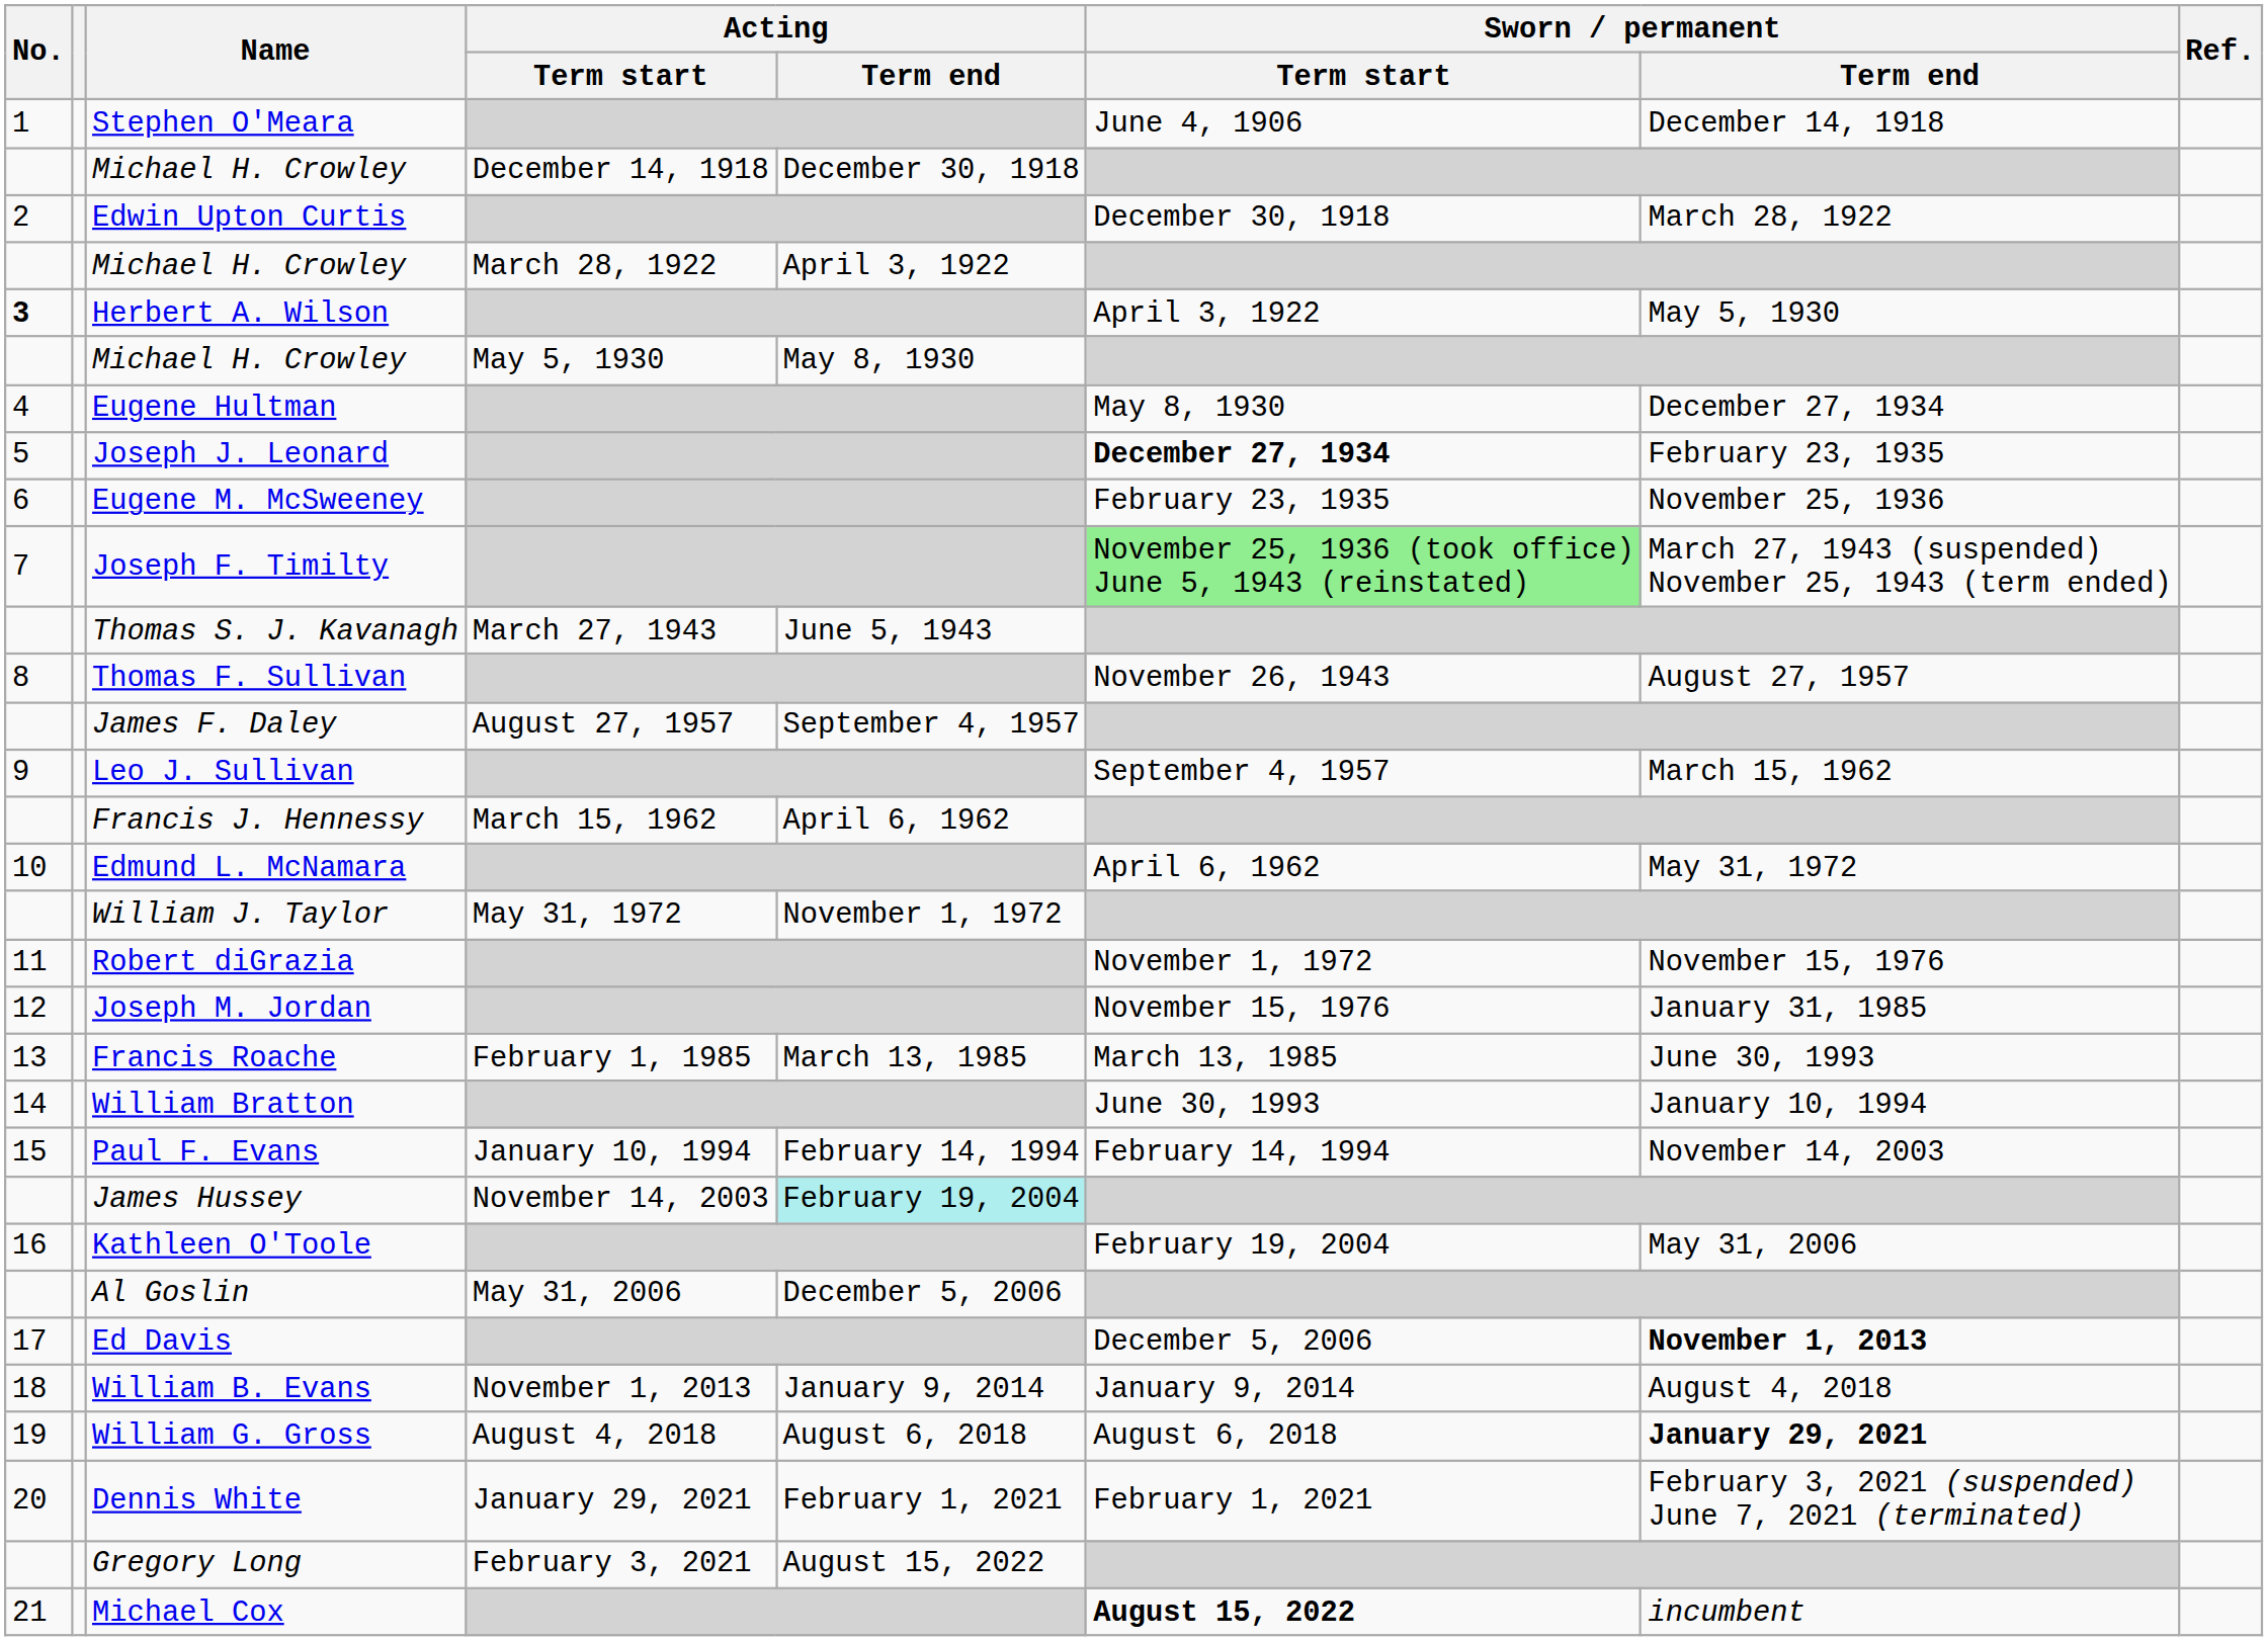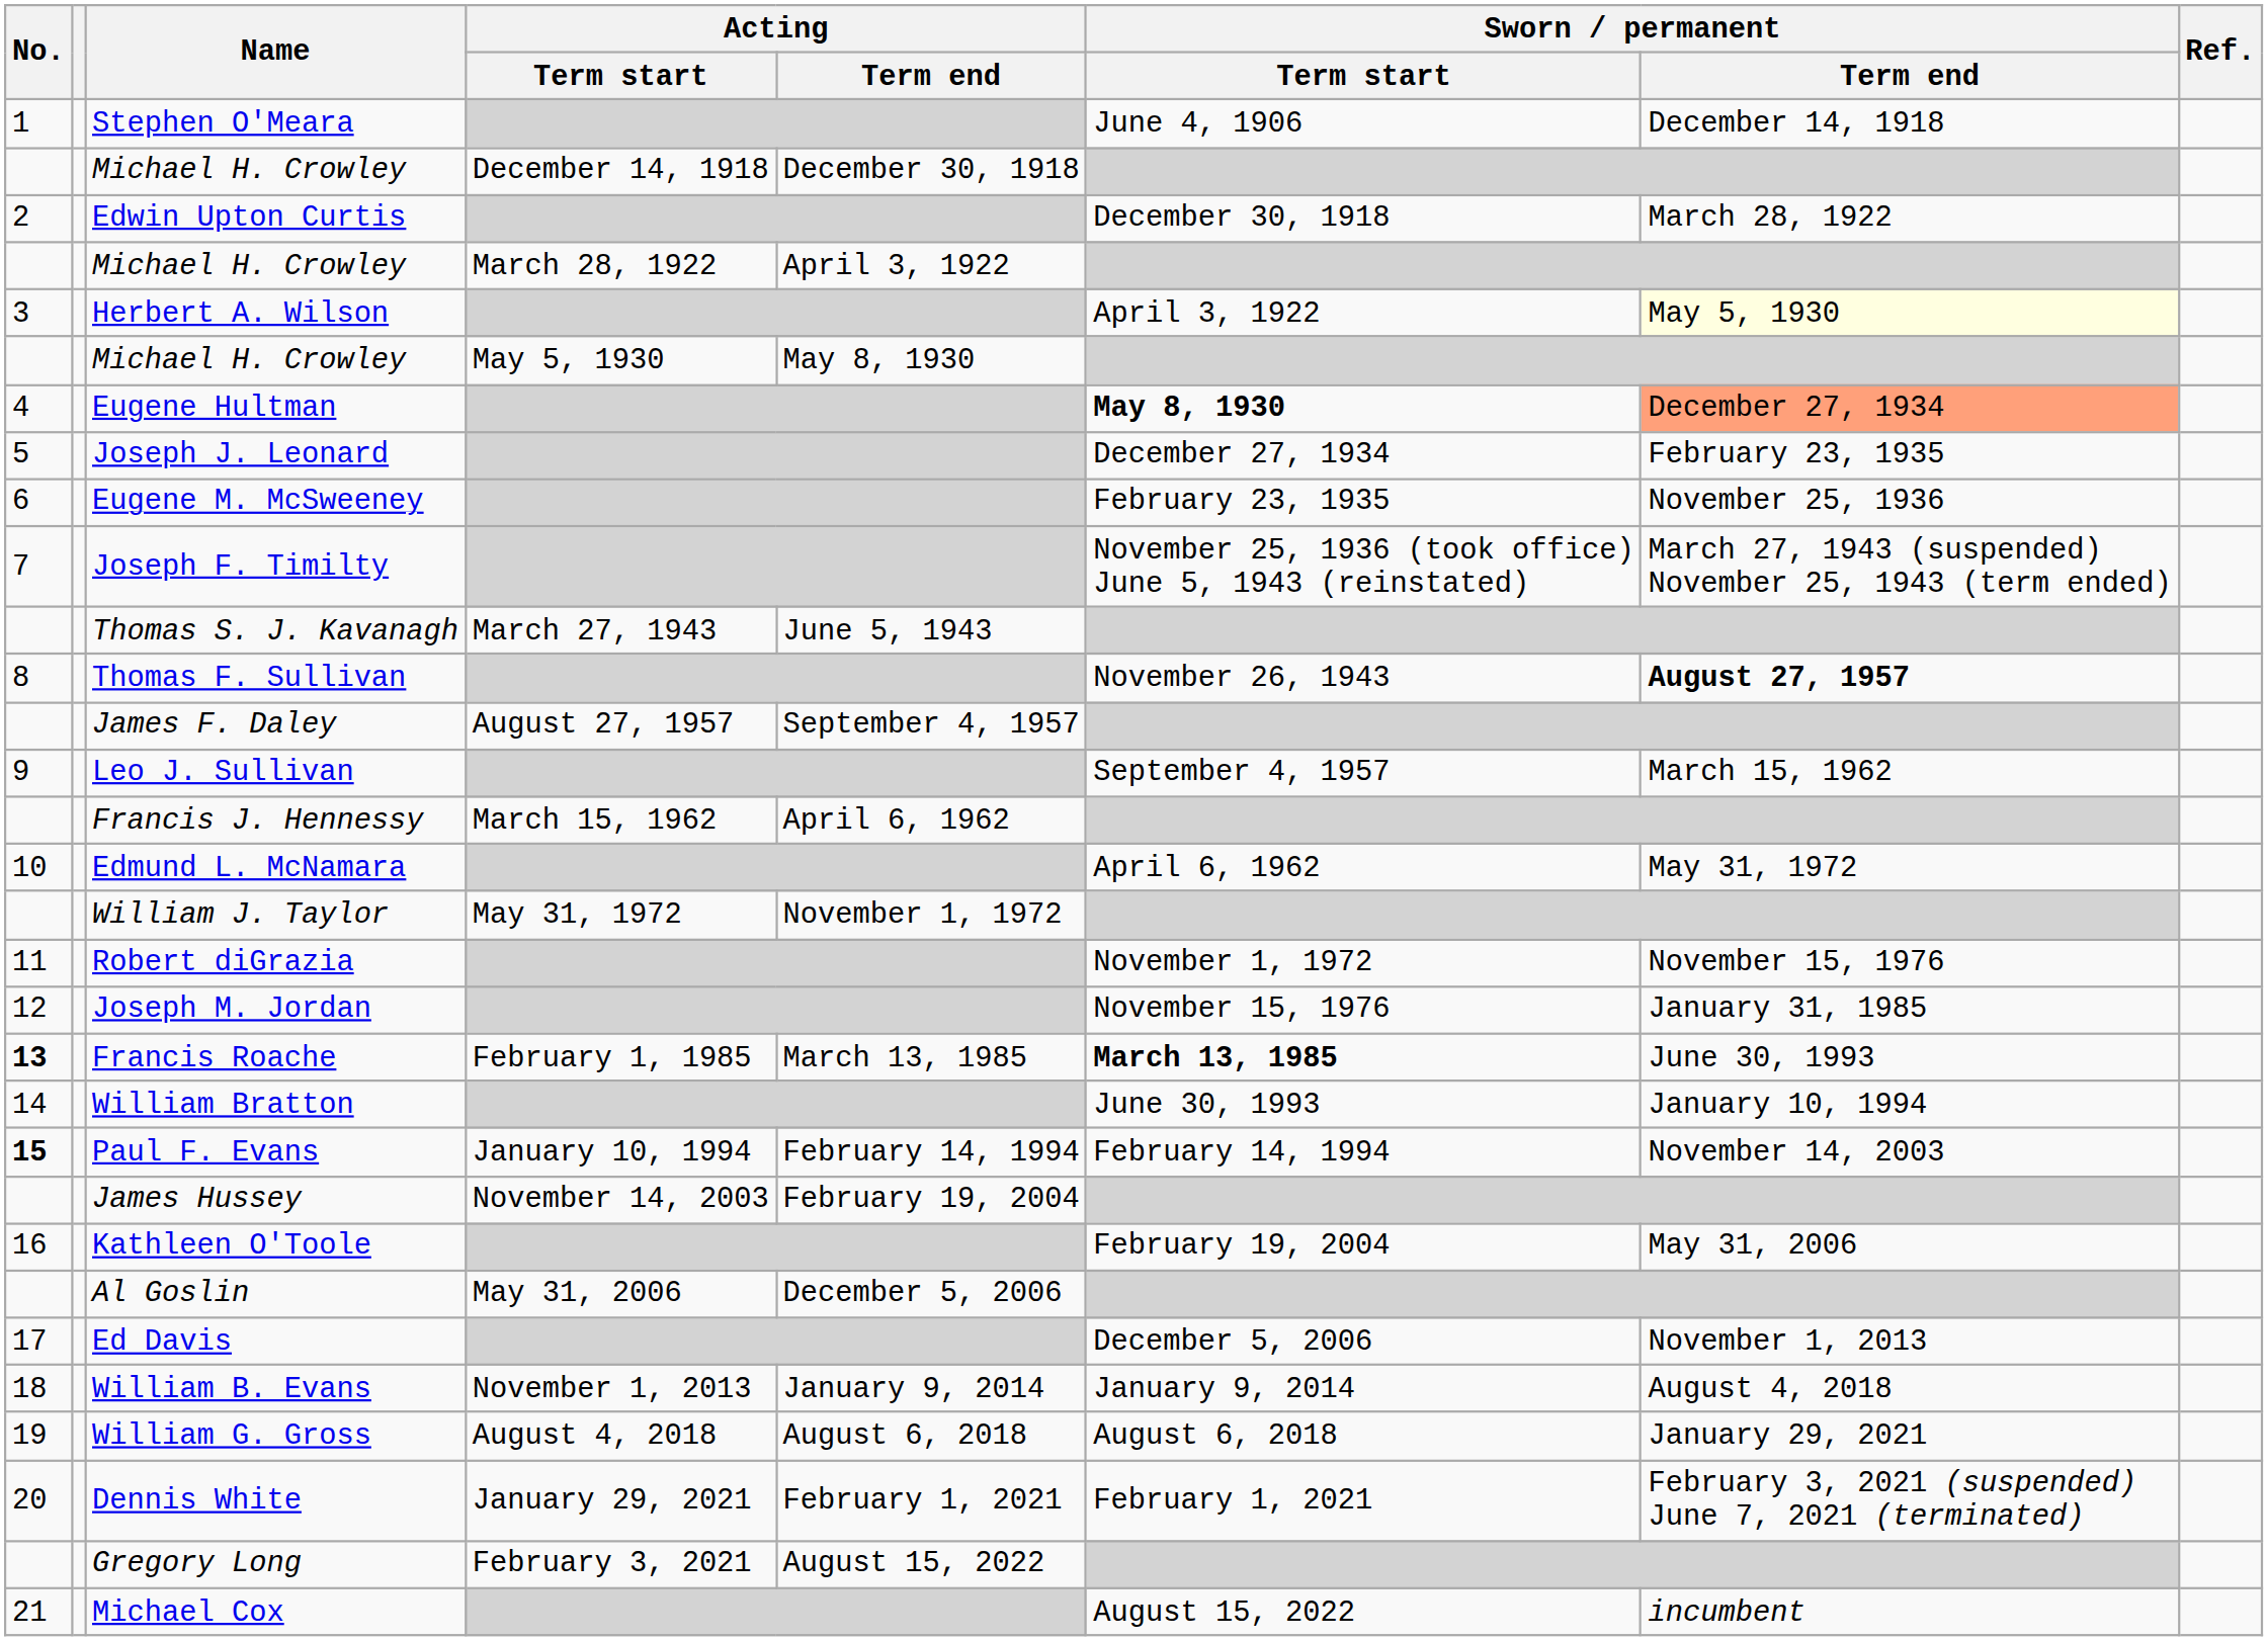 <table class="wikitable" style="text-align:left">
 <tr>
 <th rowspan=2>No.</th>
 <th rowspan=2></th>
 <th rowspan=2>Name</th>
 <th colspan=2>Acting</th>
 <th colspan=2>Sworn / permanent</th>
 <th rowspan=2>Ref.</th>
 </tr>
 <tr>
 <th>Term start</th>
 <th>Term end</th>
 <th>Term start</th>
 <th>Term end</th>
 </tr>
 <tr>
 <td>1</td>
 <td></td>
 <td><a href='#'>Stephen O'Meara</a></td>
 <td colspan=2 bgcolor=lightgrey></td>
 <td>June 4, 1906</td>
 <td>December 14, 1918</td>
 <td></td>
 </tr>
 <tr>
 <td></td>
 <td></td>
 <td><em>Michael H. Crowley</em></td>
 <td>December 14, 1918</td>
 <td>December 30, 1918</td>
 <td colspan=2 bgcolor=lightgrey></td>
 <td></td>
 </tr>
 <tr>
 <td>2</td>
 <td></td>
 <td><a href='#'>Edwin Upton Curtis</a></td>
 <td colspan=2 bgcolor=lightgrey></td>
 <td>December 30, 1918</td>
 <td>March 28, 1922</td>
 <td></td>
 </tr>
 <tr>
 <td></td>
 <td></td>
 <td><em>Michael H. Crowley</em></td>
 <td>March 28, 1922</td>
 <td>April 3, 1922</td>
 <td colspan=2 bgcolor=lightgrey></td>
 <td></td>
 </tr>
 <tr>
-<td><strong>3</strong></td>
+<td>3</td>
 <td></td>
 <td><a href='#'>Herbert A. Wilson</a></td>
 <td colspan=2 bgcolor=lightgrey></td>
 <td>April 3, 1922</td>
-<td>May 5, 1930</td>
+<td style="background: lightyellow;">May 5, 1930</td>
 <td></td>
 </tr>
 <tr>
 <td></td>
 <td></td>
 <td><em>Michael H. Crowley</em></td>
 <td>May 5, 1930</td>
 <td>May 8, 1930</td>
 <td colspan=2 bgcolor=lightgrey></td>
 <td></td>
 </tr>
 <tr>
 <td>4</td>
 <td></td>
 <td><a href='#'>Eugene Hultman</a></td>
 <td colspan=2 bgcolor=lightgrey></td>
-<td>May 8, 1930</td>
-<td>December 27, 1934</td>
+<td><strong>May 8, 1930</strong></td>
+<td style="background: lightsalmon;">December 27, 1934</td>
 <td></td>
 </tr>
 <tr>
 <td>5</td>
 <td></td>
 <td><a href='#'>Joseph J. Leonard</a></td>
 <td colspan=2 bgcolor=lightgrey></td>
-<td><strong>December 27, 1934</strong></td>
+<td>December 27, 1934</td>
 <td>February 23, 1935</td>
 <td></td>
 </tr>
 <tr>
 <td>6</td>
 <td></td>
 <td><a href='#'>Eugene M. McSweeney</a></td>
 <td colspan=2 bgcolor=lightgrey></td>
 <td>February 23, 1935</td>
 <td>November 25, 1936</td>
 <td></td>
 </tr>
 <tr>
 <td>7</td>
 <td></td>
 <td><a href='#'>Joseph F. Timilty</a></td>
 <td colspan=2 bgcolor=lightgrey></td>
-<td style="background: lightgreen;">November 25, 1936 (took office)<br>June 5, 1943 (reinstated)</td>
+<td>November 25, 1936 (took office)<br>June 5, 1943 (reinstated)</td>
 <td>March 27, 1943 (suspended)<br>November 25, 1943 (term ended)</td>
 <td></td>
 </tr>
 <tr>
 <td></td>
 <td></td>
 <td><em>Thomas S. J. Kavanagh</em></td>
 <td>March 27, 1943</td>
 <td>June 5, 1943</td>
 <td colspan=2 bgcolor=lightgrey></td>
 <td></td>
 </tr>
 <tr>
 <td>8</td>
 <td></td>
 <td><a href='#'>Thomas F. Sullivan</a></td>
 <td colspan=2 bgcolor=lightgrey></td>
 <td>November 26, 1943</td>
-<td>August 27, 1957</td>
+<td><strong>August 27, 1957</strong></td>
 <td></td>
 </tr>
 <tr>
 <td></td>
 <td></td>
 <td><em>James F. Daley</em></td>
 <td>August 27, 1957</td>
 <td>September 4, 1957</td>
 <td colspan=2 bgcolor=lightgrey></td>
 <td></td>
 </tr>
 <tr>
 <td>9</td>
 <td></td>
 <td><a href='#'>Leo J. Sullivan</a></td>
 <td colspan=2 bgcolor=lightgrey></td>
 <td>September 4, 1957</td>
 <td>March 15, 1962</td>
 <td></td>
 </tr>
 <tr>
 <td></td>
 <td></td>
 <td><em>Francis J. Hennessy</em></td>
 <td>March 15, 1962</td>
 <td>April 6, 1962</td>
 <td colspan=2 bgcolor=lightgrey></td>
 <td></td>
 </tr>
 <tr>
 <td>10</td>
 <td></td>
 <td><a href='#'>Edmund L. McNamara</a></td>
 <td colspan=2 bgcolor=lightgrey></td>
 <td>April 6, 1962</td>
 <td>May 31, 1972</td>
 <td></td>
 </tr>
 <tr>
 <td></td>
 <td></td>
 <td><em>William J. Taylor</em></td>
 <td>May 31, 1972</td>
 <td>November 1, 1972</td>
 <td colspan=2 bgcolor=lightgrey></td>
 <td></td>
 </tr>
 <tr>
 <td>11</td>
 <td></td>
 <td><a href='#'>Robert diGrazia</a></td>
 <td colspan=2 bgcolor=lightgrey></td>
 <td>November 1, 1972</td>
 <td>November 15, 1976</td>
 <td></td>
 </tr>
 <tr>
 <td>12</td>
 <td></td>
 <td><a href='#'>Joseph M. Jordan</a></td>
 <td colspan=2 bgcolor=lightgrey></td>
 <td>November 15, 1976</td>
 <td>January 31, 1985</td>
 <td></td>
 </tr>
 <tr>
-<td>13</td>
+<td><strong>13</strong></td>
 <td></td>
 <td><a href='#'>Francis Roache</a></td>
 <td>February 1, 1985</td>
 <td>March 13, 1985</td>
-<td>March 13, 1985</td>
+<td><strong>March 13, 1985</strong></td>
 <td>June 30, 1993</td>
 <td></td>
 </tr>
 <tr>
 <td>14</td>
 <td></td>
 <td><a href='#'>William Bratton</a></td>
 <td colspan=2 bgcolor=lightgrey></td>
 <td>June 30, 1993</td>
 <td>January 10, 1994</td>
 <td></td>
 </tr>
 <tr>
-<td>15</td>
+<td><strong>15</strong></td>
 <td></td>
 <td><a href='#'>Paul F. Evans</a></td>
 <td>January 10, 1994</td>
 <td>February 14, 1994</td>
 <td>February 14, 1994</td>
 <td>November 14, 2003</td>
 <td></td>
 </tr>
 <tr>
 <td></td>
 <td></td>
 <td><em>James Hussey</em></td>
 <td>November 14, 2003</td>
-<td style="background: paleturquoise;">February 19, 2004</td>
+<td>February 19, 2004</td>
 <td colspan=2 bgcolor=lightgrey></td>
 <td></td>
 </tr>
 <tr>
 <td>16</td>
 <td></td>
 <td><a href='#'>Kathleen O'Toole</a></td>
 <td colspan=2 bgcolor=lightgrey></td>
 <td>February 19, 2004</td>
 <td>May 31, 2006</td>
 <td></td>
 </tr>
 <tr>
 <td></td>
 <td></td>
 <td><em>Al Goslin</em></td>
 <td>May 31, 2006</td>
 <td>December 5, 2006</td>
 <td colspan=2 bgcolor=lightgrey></td>
 <td></td>
 </tr>
 <tr>
 <td>17</td>
 <td></td>
 <td><a href='#'>Ed Davis</a></td>
 <td colspan=2 bgcolor=lightgrey></td>
 <td>December 5, 2006</td>
-<td><strong>November 1, 2013</strong></td>
+<td>November 1, 2013</td>
 <td></td>
 </tr>
 <tr>
 <td>18</td>
 <td></td>
 <td><a href='#'>William B. Evans</a></td>
 <td>November 1, 2013</td>
 <td>January 9, 2014</td>
 <td>January 9, 2014</td>
 <td>August 4, 2018</td>
 <td></td>
 </tr>
 <tr>
 <td>19</td>
 <td></td>
 <td><a href='#'>William G. Gross</a></td>
 <td>August 4, 2018</td>
 <td>August 6, 2018</td>
 <td>August 6, 2018</td>
-<td><strong>January 29, 2021</strong></td>
+<td>January 29, 2021</td>
 <td></td>
 </tr>
 <tr>
 <td>20</td>
 <td></td>
 <td><a href='#'>Dennis White</a></td>
 <td>January 29, 2021</td>
 <td>February 1, 2021</td>
 <td>February 1, 2021</td>
 <td>February 3, 2021 <em>(suspended)</em><br>June 7, 2021 <em>(terminated)</em></td>
 <td></td>
 </tr>
 <tr>
 <td></td>
 <td></td>
 <td><em>Gregory Long</em></td>
 <td>February 3, 2021</td>
 <td>August 15, 2022</td>
 <td colspan=2 bgcolor=lightgrey></td>
 <td></td>
 </tr>
 <tr>
 <td>21</td>
 <td></td>
 <td><a href='#'>Michael Cox</a></td>
 <td colspan=2 bgcolor=lightgrey></td>
-<td><strong>August 15, 2022</strong></td>
+<td>August 15, 2022</td>
 <td><em>incumbent</em></td>
 <td></td>
 </tr>
 </table>
